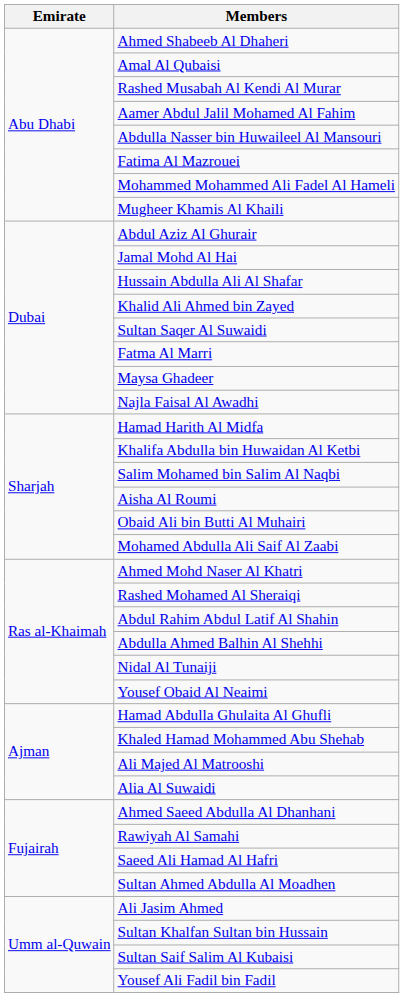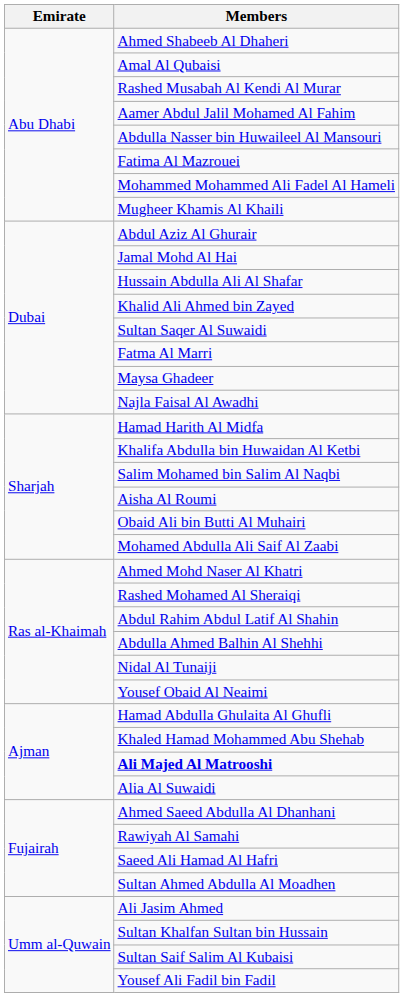 <table class=wikitable>
 <tr>
 <th>Emirate</th>
 <th>Members</th>
 </tr>
 <tr>
 <td rowspan=8><a href='#'>Abu Dhabi</a></td>
 <td><a href='#'>Ahmed Shabeeb Al Dhaheri</a></td>
 </tr>
 <tr>
 <td><a href='#'>Amal Al Qubaisi</a></td>
 </tr>
 <tr>
 <td><a href='#'>Rashed Musabah Al Kendi Al Murar</a></td>
 </tr>
 <tr>
 <td><a href='#'>Aamer Abdul Jalil Mohamed Al Fahim</a></td>
 </tr>
 <tr>
 <td><a href='#'>Abdulla Nasser bin Huwaileel Al Mansouri</a></td>
 </tr>
 <tr>
 <td><a href='#'>Fatima Al Mazrouei</a></td>
 </tr>
 <tr>
 <td><a href='#'>Mohammed Mohammed Ali Fadel Al Hameli</a></td>
 </tr>
 <tr>
 <td><a href='#'>Mugheer Khamis Al Khaili</a></td>
 </tr>
 <tr>
 <td rowspan=8><a href='#'>Dubai</a></td>
 <td><a href='#'>Abdul Aziz Al Ghurair</a></td>
 </tr>
 <tr>
 <td><a href='#'>Jamal Mohd Al Hai</a></td>
 </tr>
 <tr>
 <td><a href='#'>Hussain Abdulla Ali Al Shafar</a></td>
 </tr>
 <tr>
 <td><a href='#'>Khalid Ali Ahmed bin Zayed</a></td>
 </tr>
 <tr>
 <td><a href='#'>Sultan Saqer Al Suwaidi</a></td>
 </tr>
 <tr>
 <td><a href='#'>Fatma Al Marri</a></td>
 </tr>
 <tr>
 <td><a href='#'>Maysa Ghadeer</a></td>
 </tr>
 <tr>
 <td><a href='#'>Najla Faisal Al Awadhi</a></td>
 </tr>
 <tr>
 <td rowspan=6><a href='#'>Sharjah</a></td>
 <td><a href='#'>Hamad Harith Al Midfa</a></td>
 </tr>
 <tr>
 <td><a href='#'>Khalifa Abdulla bin Huwaidan Al Ketbi</a></td>
 </tr>
 <tr>
 <td><a href='#'>Salim Mohamed bin Salim Al Naqbi</a></td>
 </tr>
 <tr>
 <td><a href='#'>Aisha Al Roumi</a></td>
 </tr>
 <tr>
 <td><a href='#'>Obaid Ali bin Butti Al Muhairi</a></td>
 </tr>
 <tr>
 <td><a href='#'>Mohamed Abdulla Ali Saif Al Zaabi</a></td>
 </tr>
 <tr>
 <td rowspan=6><a href='#'>Ras al-Khaimah</a></td>
 <td><a href='#'>Ahmed Mohd Naser Al Khatri</a></td>
 </tr>
 <tr>
 <td><a href='#'>Rashed Mohamed Al Sheraiqi</a></td>
 </tr>
 <tr>
 <td><a href='#'>Abdul Rahim Abdul Latif Al Shahin</a></td>
 </tr>
 <tr>
 <td><a href='#'>Abdulla Ahmed Balhin Al Shehhi</a></td>
 </tr>
 <tr>
 <td><a href='#'>Nidal Al Tunaiji</a></td>
 </tr>
 <tr>
 <td><a href='#'>Yousef Obaid Al Neaimi</a></td>
 </tr>
 <tr>
 <td rowspan=4><a href='#'>Ajman</a></td>
 <td><a href='#'>Hamad Abdulla Ghulaita Al Ghufli</a></td>
 </tr>
 <tr>
 <td><a href='#'>Khaled Hamad Mohammed Abu Shehab</a></td>
 </tr>
 <tr>
-<td><a href='#'>Ali Majed Al Matrooshi</a></td>
+<td><strong><a href='#'>Ali Majed Al Matrooshi</a></strong></td>
 </tr>
 <tr>
 <td><a href='#'>Alia Al Suwaidi</a></td>
 </tr>
 <tr>
 <td rowspan=4><a href='#'>Fujairah</a></td>
 <td><a href='#'>Ahmed Saeed Abdulla Al Dhanhani</a></td>
 </tr>
 <tr>
 <td><a href='#'>Rawiyah Al Samahi</a></td>
 </tr>
 <tr>
 <td><a href='#'>Saeed Ali Hamad Al Hafri</a></td>
 </tr>
 <tr>
 <td><a href='#'>Sultan Ahmed Abdulla Al Moadhen</a></td>
 </tr>
 <tr>
 <td rowspan=4><a href='#'>Umm al-Quwain</a></td>
 <td><a href='#'>Ali Jasim Ahmed</a></td>
 </tr>
 <tr>
 <td><a href='#'>Sultan Khalfan Sultan bin Hussain</a></td>
 </tr>
 <tr>
 <td><a href='#'>Sultan Saif Salim Al Kubaisi</a></td>
 </tr>
 <tr>
 <td><a href='#'>Yousef Ali Fadil bin Fadil</a></td>
 </tr>
 </table>
